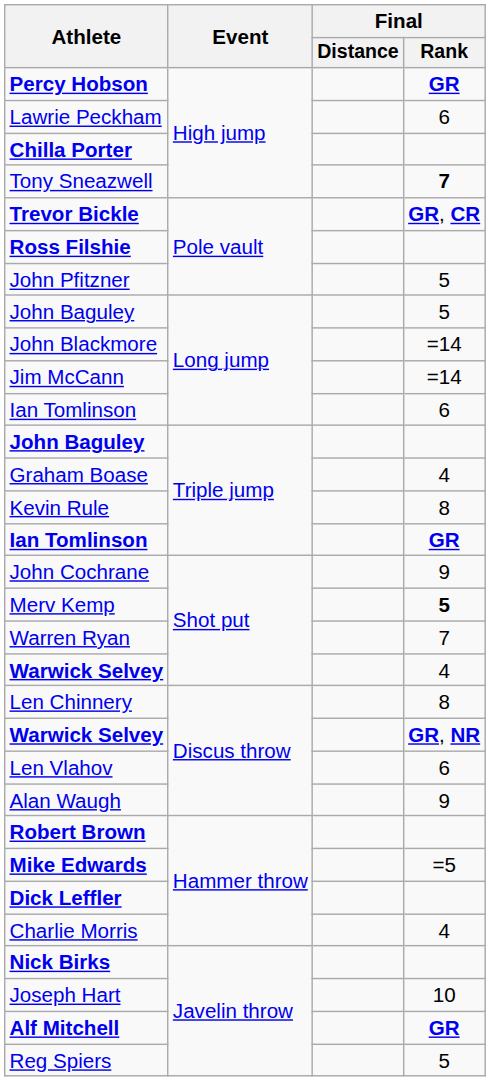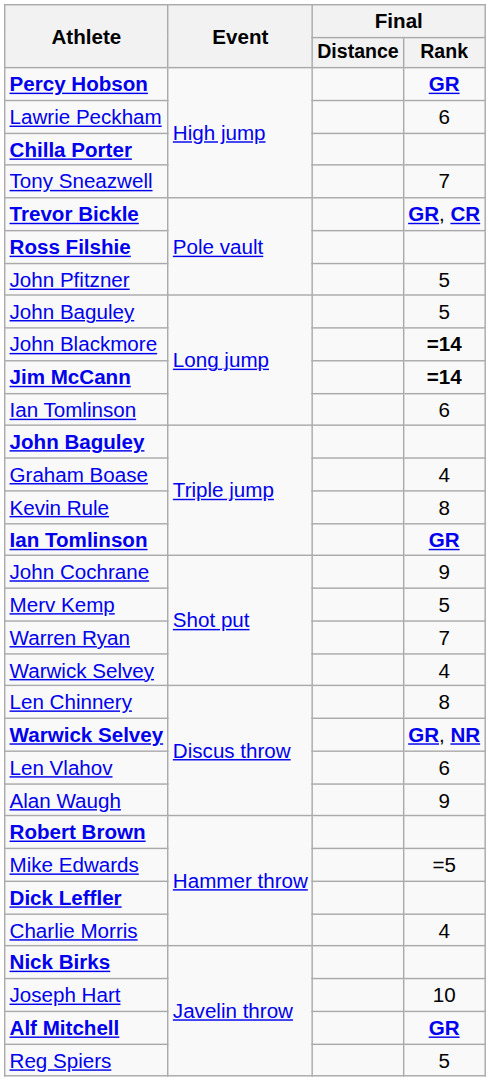 <table class=wikitable style=font-size:90%>
 <tr>
 <th rowspan=2>Athlete</th>
 <th rowspan=2>Event</th>
 <th colspan=2>Final</th>
 </tr>
 <tr style=font-size:95%>
 <th>Distance</th>
 <th>Rank</th>
 </tr>
 <tr align=center>
 <td align=left><strong><a href='#'>Percy Hobson</a></strong></td>
 <td align=left rowspan=4><a href='#'>High jump</a></td>
 <td></td>
 <td> <strong><a href='#'>GR</a></strong></td>
 </tr>
 <tr align=center>
 <td align=left><a href='#'>Lawrie Peckham</a></td>
 <td></td>
 <td>6</td>
 </tr>
 <tr align=center>
 <td align=left><strong><a href='#'>Chilla Porter</a></strong></td>
 <td></td>
 <td></td>
 </tr>
 <tr align=center>
 <td align=left><a href='#'>Tony Sneazwell</a></td>
 <td></td>
-<td><strong>7</strong></td>
+<td>7</td>
 </tr>
 <tr align=center>
 <td align=left><strong><a href='#'>Trevor Bickle</a></strong></td>
 <td align=left rowspan=3><a href='#'>Pole vault</a></td>
 <td></td>
 <td> <strong><a href='#'>GR</a></strong>, <strong><a href='#'>CR</a></strong></td>
 </tr>
 <tr align=center>
 <td align=left><strong><a href='#'>Ross Filshie</a></strong></td>
 <td></td>
 <td></td>
 </tr>
 <tr align=center>
 <td align=left><a href='#'>John Pfitzner</a></td>
 <td></td>
 <td>5</td>
 </tr>
 <tr align=center>
 <td align=left><a href='#'>John Baguley</a></td>
 <td align=left rowspan=4><a href='#'>Long jump</a></td>
 <td></td>
 <td>5</td>
 </tr>
 <tr align=center>
 <td align=left><a href='#'>John Blackmore</a></td>
 <td></td>
-<td>=14</td>
+<td><strong>=14</strong></td>
 </tr>
 <tr align=center>
-<td align=left><a href='#'>Jim McCann</a></td>
+<td align=left><strong><a href='#'>Jim McCann</a></strong></td>
 <td></td>
-<td>=14</td>
+<td><strong>=14</strong></td>
 </tr>
 <tr align=center>
 <td align=left><a href='#'>Ian Tomlinson</a></td>
 <td></td>
 <td>6</td>
 </tr>
 <tr align=center>
 <td align=left><strong><a href='#'>John Baguley</a></strong></td>
 <td align=left rowspan=4><a href='#'>Triple jump</a></td>
 <td></td>
 <td></td>
 </tr>
 <tr align=center>
 <td align=left><a href='#'>Graham Boase</a></td>
 <td></td>
 <td>4</td>
 </tr>
 <tr align=center>
 <td align=left><a href='#'>Kevin Rule</a></td>
 <td></td>
 <td>8</td>
 </tr>
 <tr align=center>
 <td align=left><strong><a href='#'>Ian Tomlinson</a></strong></td>
 <td></td>
 <td> <strong><a href='#'>GR</a></strong></td>
 </tr>
 <tr align=center>
 <td align=left><a href='#'>John Cochrane</a></td>
 <td align=left rowspan=4><a href='#'>Shot put</a></td>
 <td></td>
 <td>9</td>
 </tr>
 <tr align=center>
 <td align=left><a href='#'>Merv Kemp</a></td>
 <td></td>
-<td><strong>5</strong></td>
+<td>5</td>
 </tr>
 <tr align=center>
 <td align=left><a href='#'>Warren Ryan</a></td>
 <td></td>
 <td>7</td>
 </tr>
 <tr align=center>
-<td align=left><strong><a href='#'>Warwick Selvey</a></strong></td>
+<td align=left><a href='#'>Warwick Selvey</a></td>
 <td></td>
 <td>4</td>
 </tr>
 <tr align=center>
 <td align=left><a href='#'>Len Chinnery</a></td>
 <td align=left rowspan=4><a href='#'>Discus throw</a></td>
 <td></td>
 <td>8</td>
 </tr>
 <tr align=center>
 <td align=left><strong><a href='#'>Warwick Selvey</a></strong></td>
 <td></td>
 <td> <strong><a href='#'>GR</a></strong>, <strong><a href='#'>NR</a></strong></td>
 </tr>
 <tr align=center>
 <td align=left><a href='#'>Len Vlahov</a></td>
 <td></td>
 <td>6</td>
 </tr>
 <tr align=center>
 <td align=left><a href='#'>Alan Waugh</a></td>
 <td></td>
 <td>9</td>
 </tr>
 <tr align=center>
 <td align=left><strong><a href='#'>Robert Brown</a></strong></td>
 <td align=left rowspan=4><a href='#'>Hammer throw</a></td>
 <td></td>
 <td></td>
 </tr>
 <tr align=center>
-<td align=left><strong><a href='#'>Mike Edwards</a></strong></td>
+<td align=left><a href='#'>Mike Edwards</a></td>
 <td></td>
 <td>=5</td>
 </tr>
 <tr align=center>
 <td align=left><strong><a href='#'>Dick Leffler</a></strong></td>
 <td></td>
 <td></td>
 </tr>
 <tr align=center>
 <td align=left><a href='#'>Charlie Morris</a></td>
 <td></td>
 <td>4</td>
 </tr>
 <tr align=center>
 <td align=left><strong><a href='#'>Nick Birks</a></strong></td>
 <td align=left rowspan=4><a href='#'>Javelin throw</a></td>
 <td></td>
 <td></td>
 </tr>
 <tr align=center>
 <td align=left><a href='#'>Joseph Hart</a></td>
 <td></td>
 <td>10</td>
 </tr>
 <tr align=center>
 <td align=left><strong><a href='#'>Alf Mitchell</a></strong></td>
 <td></td>
 <td> <strong><a href='#'>GR</a></strong></td>
 </tr>
 <tr align=center>
 <td align=left><a href='#'>Reg Spiers</a></td>
 <td></td>
 <td>5</td>
 </tr>
 </table>
